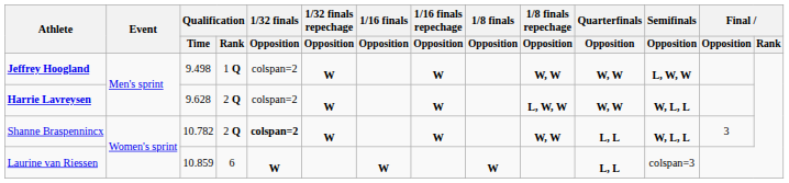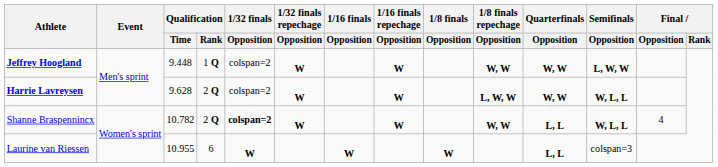 <table class="wikitable" style="text-align:center; font-size:90%">
 <tr>
 <th rowspan=2>Athlete</th>
 <th rowspan=2>Event</th>
 <th colspan=2>Qualification</th>
 <th>1/32 finals</th>
 <th>1/32 finals<br>repechage</th>
 <th>1/16 finals</th>
 <th>1/16 finals<br>repechage</th>
 <th>1/8 finals</th>
 <th>1/8 finals<br>repechage</th>
 <th>Quarterfinals</th>
 <th>Semifinals</th>
 <th colspan=2>Final / </th>
 </tr>
 <tr style="font-size:95%">
 <th>Time</th>
 <th>Rank</th>
 <th>Opposition</th>
 <th>Opposition</th>
 <th>Opposition</th>
 <th>Opposition</th>
 <th>Opposition</th>
 <th>Opposition</th>
 <th>Opposition</th>
 <th>Opposition</th>
 <th>Opposition</th>
 <th>Rank</th>
 </tr>
 <tr>
 <td align=left><strong><a href='#'>Jeffrey Hoogland</a></strong></td>
 <td align=left rowspan=2><a href='#'>Men's sprint</a></td>
-<td>9.498</td>
+<td>9.448</td>
 <td>1 <strong>Q</strong></td>
 <td>colspan=2 </td>
 <td><br><strong>W</strong></td>
 <td></td>
 <td><br><strong>W</strong></td>
 <td></td>
 <td><br><strong>W, W</strong></td>
 <td><br><strong>W, W</strong></td>
 <td><br><strong>L, W, W</strong></td>
 <td></td>
 </tr>
 <tr>
 <td align=left><strong><a href='#'>Harrie Lavreysen</a></strong></td>
 <td>9.628</td>
 <td>2 <strong>Q</strong></td>
 <td>colspan=2 </td>
 <td><br><strong>W</strong></td>
 <td></td>
 <td><br><strong>W</strong></td>
 <td></td>
 <td><br><strong>L, W, W</strong></td>
 <td><br><strong>W, W</strong></td>
 <td><br><strong>W, L, L</strong></td>
 <td></td>
 </tr>
 <tr>
 <td align=left><a href='#'>Shanne Braspennincx</a></td>
 <td align=left rowspan=2><a href='#'>Women's sprint</a></td>
 <td>10.782</td>
 <td>2 <strong>Q</strong></td>
 <td><strong>colspan=2 </strong></td>
 <td><br><strong>W</strong></td>
 <td></td>
 <td><br><strong>W</strong></td>
 <td></td>
 <td><br><strong>W, W</strong></td>
 <td><br><strong>L, L</strong></td>
 <td><br><strong>W, L, L</strong></td>
-<td>3</td>
+<td>4</td>
 </tr>
 <tr>
 <td align=left><a href='#'>Laurine van Riessen</a></td>
-<td>10.859</td>
+<td>10.955</td>
 <td>6</td>
 <td><br><strong>W</strong></td>
 <td></td>
 <td><br><strong>W</strong></td>
 <td></td>
 <td><br><strong>W</strong></td>
 <td></td>
 <td><br><strong>L, L</strong></td>
 <td>colspan=3 </td>
 </tr>
 </table>
